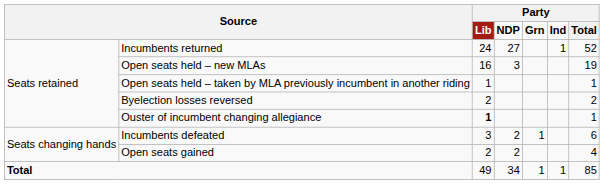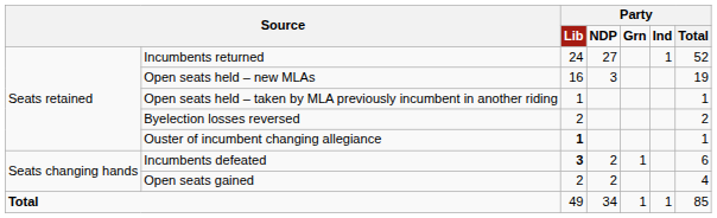 <table class="wikitable" style="text-align:right;">
 <tr>
 <th colspan="2" rowspan="2">Source</th>
 <th colspan="5">Party</th>
 </tr>
 <tr>
 <td style="background: #A51B12; color: white" align="center"><strong>Lib</strong></td>
 <td><strong>NDP</strong></td>
 <td><strong>Grn</strong></td>
 <td><strong>Ind</strong></td>
 <th>Total</th>
 </tr>
 <tr>
 <td rowspan="5" style="text-align:left;">Seats retained</td>
 <td style="text-align:left;">Incumbents returned</td>
 <td>24</td>
 <td>27</td>
 <td></td>
 <td>1</td>
 <td>52</td>
 </tr>
 <tr>
 <td style="text-align:left;">Open seats held – new MLAs</td>
 <td>16</td>
 <td>3</td>
 <td></td>
 <td></td>
 <td>19</td>
 </tr>
 <tr>
 <td style="text-align:left;">Open seats held – taken by MLA previously incumbent in another riding</td>
 <td>1</td>
 <td></td>
 <td></td>
 <td></td>
 <td>1</td>
 </tr>
 <tr>
 <td style="text-align:left;">Byelection losses reversed</td>
 <td>2</td>
 <td></td>
 <td></td>
 <td></td>
 <td>2</td>
 </tr>
 <tr>
 <td style="text-align:left;">Ouster of incumbent changing allegiance</td>
 <td><strong>1</strong></td>
 <td></td>
 <td></td>
 <td></td>
 <td>1</td>
 </tr>
 <tr>
 <td rowspan="2" style="text-align:left;">Seats changing hands</td>
 <td style="text-align:left;">Incumbents defeated</td>
-<td>3</td>
+<td><strong>3</strong></td>
 <td>2</td>
 <td>1</td>
 <td></td>
 <td>6</td>
 </tr>
 <tr>
 <td style="text-align:left;">Open seats gained</td>
 <td>2</td>
 <td>2</td>
 <td></td>
 <td></td>
 <td>4</td>
 </tr>
 <tr>
 <td colspan="2" style="text-align:left;"><strong>Total</strong></td>
 <td>49</td>
 <td>34</td>
 <td>1</td>
 <td>1</td>
 <td>85</td>
 </tr>
 </table>
